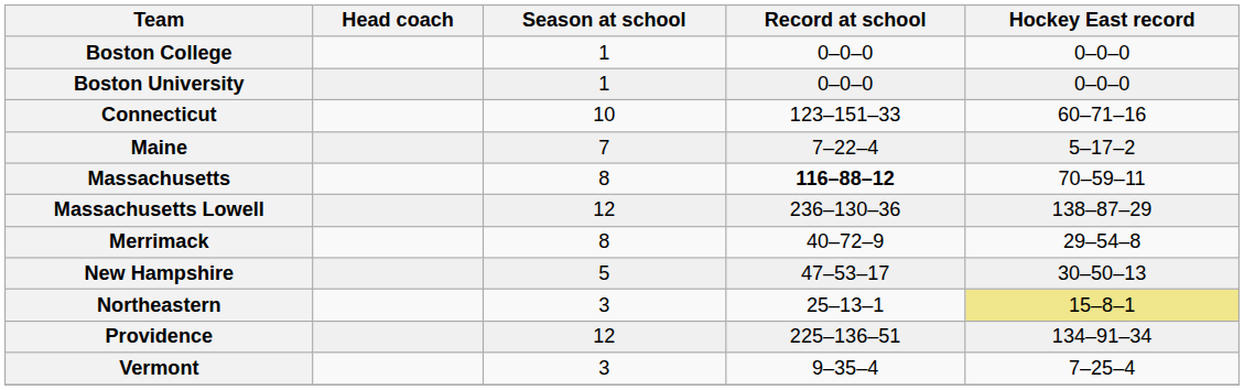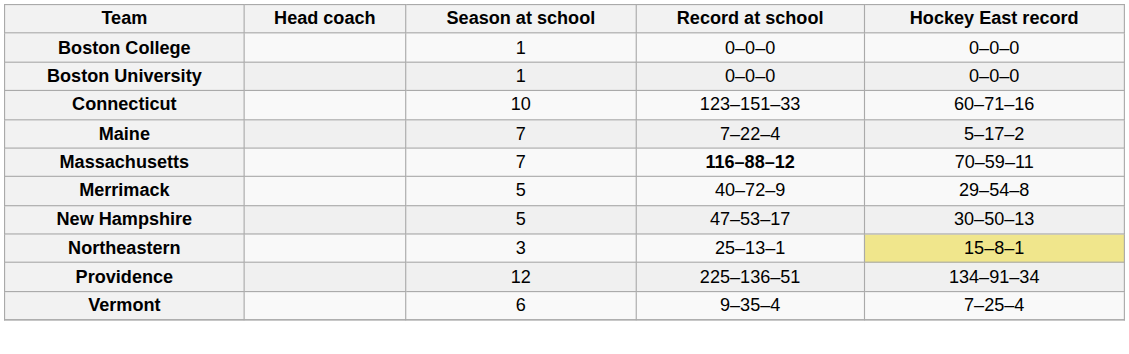 <table class="wikitable sortable" style="text-align: center; "width=50%">
 <tr>
 <th>Team</th>
 <th>Head coach</th>
 <th>Season at school</th>
 <th>Record at school</th>
 <th>Hockey East record</th>
 </tr>
 <tr>
 <th>Boston College</th>
 <td></td>
 <td>1</td>
 <td>0–0–0</td>
 <td>0–0–0</td>
 </tr>
 <tr bgcolor=f0f0f0>
 <th>Boston University</th>
 <td></td>
 <td>1</td>
 <td>0–0–0</td>
 <td>0–0–0</td>
 </tr>
 <tr>
 <th>Connecticut</th>
 <td></td>
 <td>10</td>
 <td>123–151–33</td>
 <td>60–71–16</td>
 </tr>
 <tr bgcolor=f0f0f0>
 <th>Maine</th>
 <td></td>
 <td>7</td>
 <td>7–22–4</td>
 <td>5–17–2</td>
 </tr>
 <tr>
 <th>Massachusetts</th>
 <td></td>
-<td>8</td>
+<td>7</td>
 <td><strong>116–88–12</strong></td>
 <td>70–59–11</td>
-</tr>
-<tr bgcolor=f0f0f0>
-<th>Massachusetts Lowell</th>
-<td></td>
-<td>12</td>
-<td>236–130–36</td>
-<td>138–87–29</td>
 </tr>
 <tr>
 <th>Merrimack</th>
 <td></td>
-<td>8</td>
+<td>5</td>
 <td>40–72–9</td>
 <td>29–54–8</td>
 </tr>
 <tr bgcolor=f0f0f0>
 <th>New Hampshire</th>
 <td></td>
 <td>5</td>
 <td>47–53–17</td>
 <td>30–50–13</td>
 </tr>
 <tr>
 <th>Northeastern</th>
 <td></td>
 <td>3</td>
 <td>25–13–1</td>
 <td style="background: khaki;">15–8–1</td>
 </tr>
 <tr bgcolor=f0f0f0>
 <th>Providence</th>
 <td></td>
 <td>12</td>
 <td>225–136–51</td>
 <td>134–91–34</td>
 </tr>
 <tr>
 <th>Vermont</th>
 <td></td>
-<td>3</td>
+<td>6</td>
 <td>9–35–4</td>
 <td>7–25–4</td>
 </tr>
 <tr>
 </tr>
 </table>
